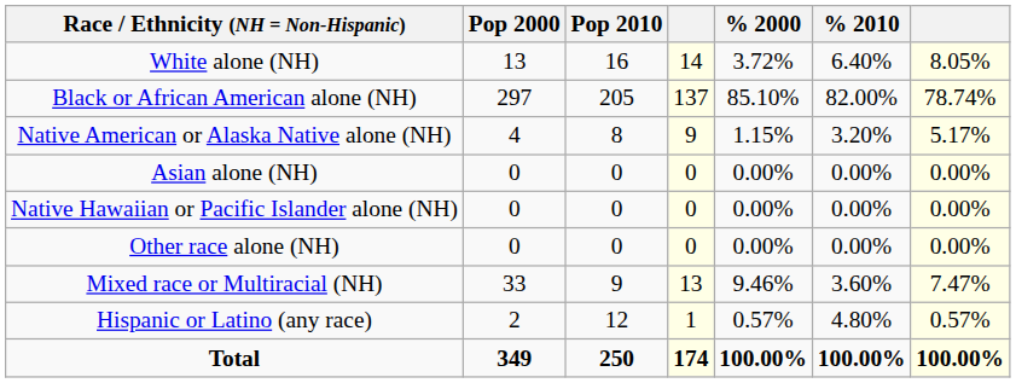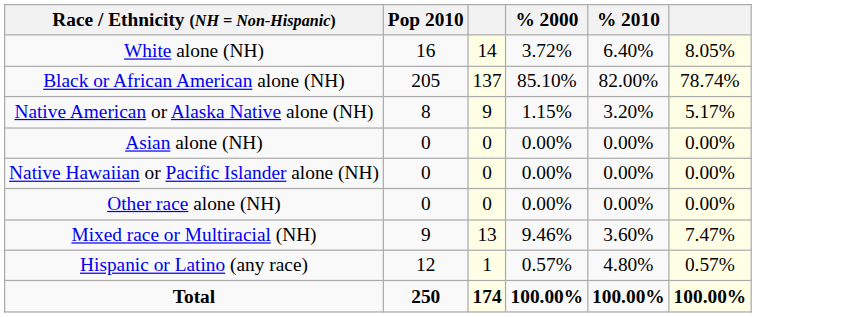 <table class="wikitable" style="text-align:center;">
 <tr>
 <th>Race / Ethnicity <small>(<em>NH = Non-Hispanic</em>)</small></th>
-<th>Pop 2000</th>
 <th>Pop 2010</th>
 <th></th>
 <th>% 2000</th>
 <th>% 2010</th>
 <th></th>
 </tr>
 <tr>
 <td><a href='#'>White</a> alone (NH)</td>
-<td>13</td>
 <td>16</td>
 <td style='background: #ffffe6;'>14</td>
 <td>3.72%</td>
 <td>6.40%</td>
 <td style='background: #ffffe6;'>8.05%</td>
 </tr>
 <tr>
 <td><a href='#'>Black or African American</a> alone (NH)</td>
-<td>297</td>
 <td>205</td>
 <td style='background: #ffffe6;'>137</td>
 <td>85.10%</td>
 <td>82.00%</td>
 <td style='background: #ffffe6;'>78.74%</td>
 </tr>
 <tr>
 <td><a href='#'>Native American</a> or <a href='#'>Alaska Native</a> alone (NH)</td>
-<td>4</td>
 <td>8</td>
 <td style='background: #ffffe6;'>9</td>
 <td>1.15%</td>
 <td>3.20%</td>
 <td style='background: #ffffe6;'>5.17%</td>
 </tr>
 <tr>
 <td><a href='#'>Asian</a> alone (NH)</td>
 <td>0</td>
-<td>0</td>
 <td style='background: #ffffe6;'>0</td>
 <td>0.00%</td>
 <td>0.00%</td>
 <td style='background: #ffffe6;'>0.00%</td>
 </tr>
 <tr>
 <td><a href='#'>Native Hawaiian</a> or <a href='#'>Pacific Islander</a> alone (NH)</td>
-<td>0</td>
 <td>0</td>
 <td style='background: #ffffe6;'>0</td>
 <td>0.00%</td>
 <td>0.00%</td>
 <td style='background: #ffffe6;'>0.00%</td>
 </tr>
 <tr>
 <td><a href='#'>Other race</a> alone (NH)</td>
 <td>0</td>
-<td>0</td>
 <td style='background: #ffffe6;'>0</td>
 <td>0.00%</td>
 <td>0.00%</td>
 <td style='background: #ffffe6;'>0.00%</td>
 </tr>
 <tr>
 <td><a href='#'>Mixed race or Multiracial</a> (NH)</td>
-<td>33</td>
 <td>9</td>
 <td style='background: #ffffe6;'>13</td>
 <td>9.46%</td>
 <td>3.60%</td>
 <td style='background: #ffffe6;'>7.47%</td>
 </tr>
 <tr>
 <td><a href='#'>Hispanic or Latino</a> (any race)</td>
-<td>2</td>
 <td>12</td>
 <td style='background: #ffffe6;'>1</td>
 <td>0.57%</td>
 <td>4.80%</td>
 <td style='background: #ffffe6;'>0.57%</td>
 </tr>
 <tr>
 <td><strong>Total</strong></td>
-<td><strong>349</strong></td>
 <td><strong>250</strong></td>
 <td style='background: #ffffe6;'><strong>174</strong></td>
 <td><strong>100.00%</strong></td>
 <td><strong>100.00%</strong></td>
 <td style='background: #ffffe6;'><strong>100.00%</strong></td>
 </tr>
 </table>
